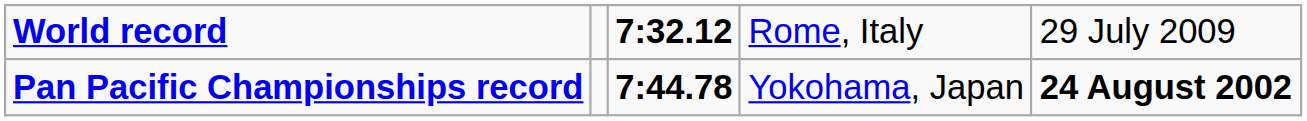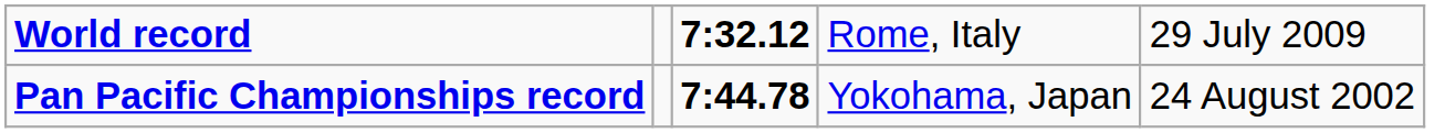 <table class="wikitable">
 <tr>
 <td><strong><a href='#'>World record</a></strong></td>
 <td></td>
 <td><strong>7:32.12</strong></td>
 <td><a href='#'>Rome</a>, Italy</td>
 <td>29 July 2009</td>
 </tr>
 <tr>
 <td><strong><a href='#'>Pan Pacific Championships record</a></strong></td>
 <td></td>
 <td><strong>7:44.78</strong></td>
 <td><a href='#'>Yokohama</a>, Japan</td>
-<td><strong>24 August 2002</strong></td>
+<td>24 August 2002</td>
 </tr>
 </table>
